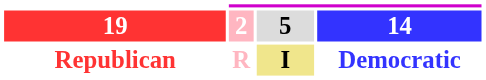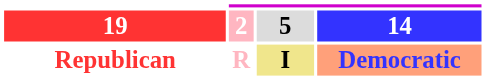 <table style="width:50%">
 <tr>
 <td scope="row" colspan="7" style="text-align:center"></td>
 </tr>
 <tr>
 <td></td>
 <td colspan=3 style="height=5px; background:#D000CC; width:52.5%"></td>
 </tr>
 <tr>
 <td scope="row" style="background:#F33; width:47.5%; text-align:center; color:white"><strong>19</strong></td>
 <td scope="row" style="background:#FFB6C1; width:5.0%; text-align:center; color:white"><strong>2</strong></td>
 <td style= "background:#DCDCDC; width:12.5%; text-align:center; color:black"><strong>5</strong></td>
 <td style= "background:#33F; width:35%; text-align:center; color:white"><strong>14</strong></td>
 </tr>
 <tr>
 <td scope="row" style="text-align:center; color:#F33"><strong>Republican</strong></td>
 <td scope="row" style="text-align:center; color:#FFB6C1"><strong>R</strong></td>
 <td scope="row" style="background: khaki; text-align:center; color:Black"><strong>I</strong></td>
-<td style="text-align:center; color:#33F"><strong>Democratic</strong></td>
+<td style="background: lightsalmon; text-align:center; color:#33F"><strong>Democratic</strong></td>
 </tr>
 </table>
